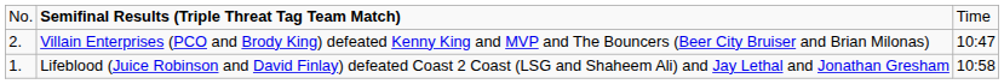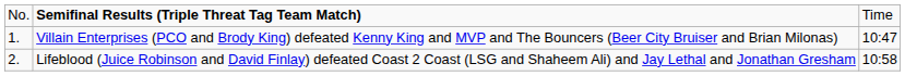 <table class="wikitable">
 <tr>
 <td>No.</td>
 <td><strong>Semifinal Results (Triple Threat Tag Team Match)</strong></td>
 <td>Time</td>
 </tr>
 <tr>
-<td>2.</td>
+<td>1.</td>
 <td><a href='#'>Villain Enterprises</a> (<a href='#'>PCO</a> and <a href='#'>Brody King</a>) defeated <a href='#'>Kenny King</a> and <a href='#'>MVP</a> and The Bouncers (<a href='#'>Beer City Bruiser</a> and Brian Milonas)</td>
 <td>10:47</td>
 </tr>
 <tr>
-<td>1.</td>
+<td>2.</td>
 <td>Lifeblood (<a href='#'>Juice Robinson</a> and <a href='#'>David Finlay</a>) defeated Coast 2 Coast (LSG and Shaheem Ali) and <a href='#'>Jay Lethal</a> and <a href='#'>Jonathan Gresham</a></td>
 <td>10:58</td>
 </tr>
 </table>
